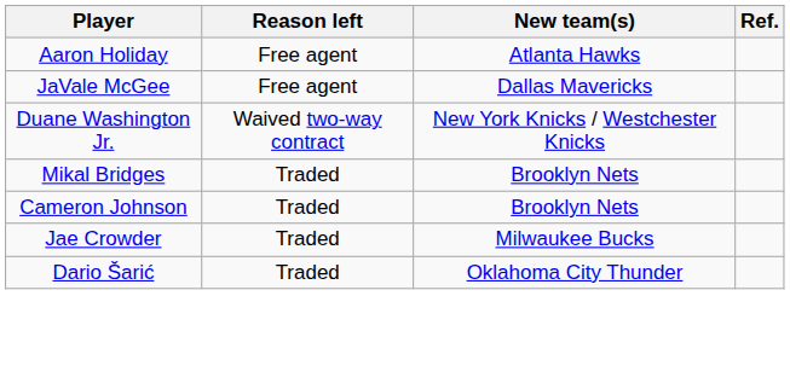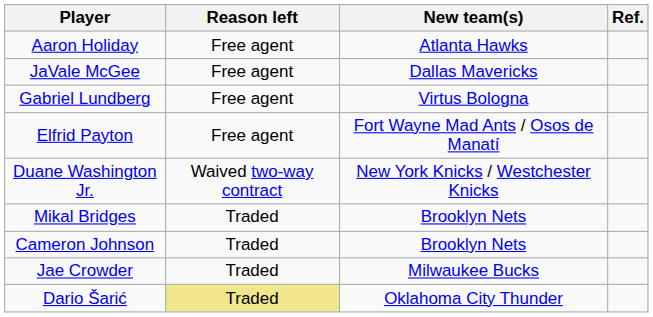 <table class="wikitable sortable sortable" style="text-align: center">
 <tr>
 <th>Player</th>
 <th>Reason left</th>
 <th>New team(s)</th>
 <th>Ref.</th>
 </tr>
 <tr>
 <td><a href='#'>Aaron Holiday</a></td>
 <td>Free agent</td>
 <td><a href='#'>Atlanta Hawks</a></td>
 <td></td>
 </tr>
 <tr>
 <td><a href='#'>JaVale McGee</a></td>
 <td>Free agent</td>
 <td><a href='#'>Dallas Mavericks</a></td>
+<td></td>
+</tr>
+<tr>
+<td><a href='#'>Gabriel Lundberg</a></td>
+<td>Free agent</td>
+<td> <a href='#'>Virtus Bologna</a></td>
+<td></td>
+</tr>
+<tr>
+<td><a href='#'>Elfrid Payton</a></td>
+<td>Free agent</td>
+<td><a href='#'>Fort Wayne Mad Ants</a> /  <a href='#'>Osos de Manatí</a></td>
 <td></td>
 </tr>
 <tr>
 <td><a href='#'>Duane Washington Jr.</a></td>
 <td>Waived <a href='#'>two-way contract</a></td>
 <td><a href='#'>New York Knicks</a> / <a href='#'>Westchester Knicks</a></td>
 <td></td>
 </tr>
 <tr>
 <td><a href='#'>Mikal Bridges</a></td>
 <td>Traded</td>
 <td><a href='#'>Brooklyn Nets</a></td>
 <td></td>
 </tr>
 <tr>
 <td><a href='#'>Cameron Johnson</a></td>
 <td>Traded</td>
 <td><a href='#'>Brooklyn Nets</a></td>
 <td></td>
 </tr>
 <tr>
 <td><a href='#'>Jae Crowder</a></td>
 <td>Traded</td>
 <td><a href='#'>Milwaukee Bucks</a></td>
 <td></td>
 </tr>
 <tr>
 <td><a href='#'>Dario Šarić</a></td>
-<td>Traded</td>
+<td style="background: khaki;">Traded</td>
 <td><a href='#'>Oklahoma City Thunder</a></td>
 <td></td>
 </tr>
 </table>
